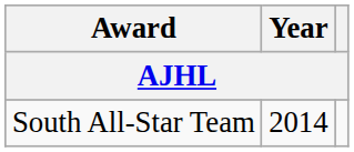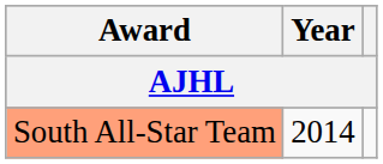 <table class="wikitable">
 <tr>
 <th>Award</th>
 <th>Year</th>
 <th></th>
 </tr>
 <tr ALIGN="center" bgcolor="#e0e0e0">
 <th colspan="3"><a href='#'>AJHL</a></th>
 </tr>
 <tr>
-<td>South All-Star Team</td>
+<td style="background: lightsalmon;">South All-Star Team</td>
 <td>2014</td>
 <td></td>
 </tr>
 </table>
